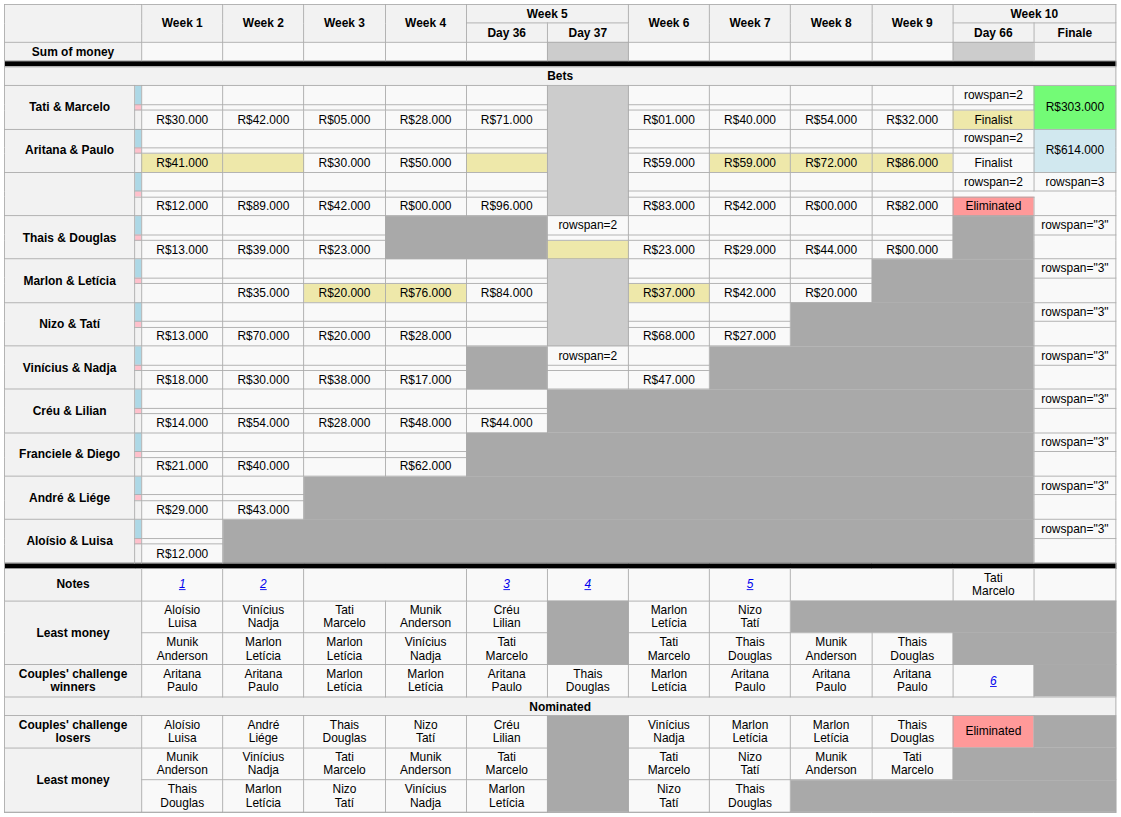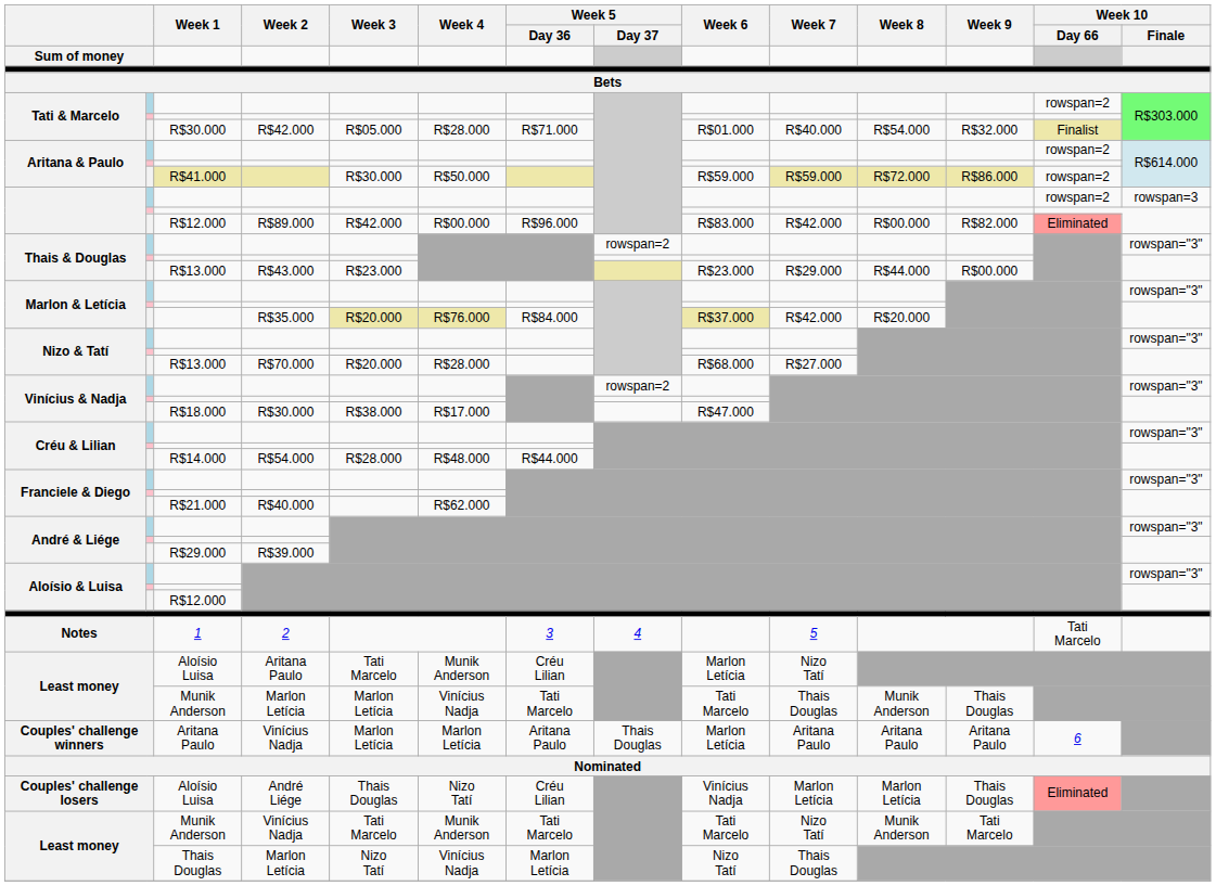 <table class="wikitable" style="text-align:center; font-size:85%; width:100%; line-height:15px;">
 <tr>
 <th rowspan=2 colspan=2 style="width:11.0%"></th>
 <th rowspan=2 style="width:06.5%">Week 1</th>
 <th rowspan=2 style="width:06.5%">Week 2</th>
 <th rowspan=2 style="width:06.5%">Week 3</th>
 <th rowspan=2 style="width:06.5%">Week 4</th>
 <th colspan=2 style="width:13.0%">Week 5</th>
 <th rowspan=2 style="width:06.5%">Week 6</th>
 <th rowspan=2 style="width:06.5%">Week 7</th>
 <th rowspan=2 style="width:06.5%">Week 8</th>
 <th rowspan=2 style="width:06.5%">Week 9</th>
 <th colspan=2 style="width:13.0%">Week 10</th>
 </tr>
 <tr>
 <th style="width:06.5%">Day 36</th>
 <th style="width:06.5%">Day 37</th>
 <th style="width:06.5%">Day 66</th>
 <th style="width:06.5%">Finale</th>
 </tr>
 <tr>
 <th colspan=2>Sum of money</th>
 <td></td>
 <td></td>
 <td></td>
 <td></td>
 <td></td>
 <td bgcolor=CCCCCC></td>
 <td></td>
 <td></td>
 <td></td>
 <td></td>
 <td bgcolor=CCCCCC></td>
 <th></th>
 </tr>
 <tr>
 <td bgcolor=000000 colspan=14></td>
 </tr>
 <tr>
 <th colspan=14>Bets</th>
 </tr>
 <tr>
 <th rowspan=3>Tati & Marcelo</th>
 <td bgcolor=ADD8E6></td>
 <td></td>
 <td></td>
 <td></td>
 <td></td>
 <td></td>
 <td rowspan=9 bgcolor=CCCCCC></td>
 <td></td>
 <td></td>
 <td></td>
 <td></td>
 <td>rowspan=2 </td>
 <td rowspan=3 bgcolor=73FB76>R$303.000</td>
 </tr>
 <tr>
 <td bgcolor=FFC0CB></td>
 <td></td>
 <td></td>
 <td></td>
 <td></td>
 <td></td>
 <td></td>
 <td></td>
 <td></td>
 <td></td>
 </tr>
 <tr>
 <th></th>
 <td>R$30.000</td>
 <td>R$42.000</td>
 <td>R$05.000</td>
 <td>R$28.000</td>
 <td>R$71.000</td>
 <td>R$01.000</td>
 <td>R$40.000</td>
 <td>R$54.000</td>
 <td>R$32.000</td>
 <td bgcolor=EEE8AA>Finalist</td>
 </tr>
 <tr>
 <th rowspan=3>Aritana & Paulo</th>
 <td bgcolor=ADD8E6></td>
 <td></td>
 <td></td>
 <td></td>
 <td></td>
 <td></td>
 <td></td>
 <td></td>
 <td></td>
 <td></td>
 <td>rowspan=2 </td>
 <td rowspan=3 bgcolor=D1E8EF>R$614.000</td>
 </tr>
 <tr>
 <td bgcolor=FFC0CB></td>
 <td></td>
 <td></td>
 <td></td>
 <td></td>
 <td></td>
 <td></td>
 <td></td>
 <td></td>
 <td></td>
 </tr>
 <tr>
 <th></th>
 <td bgcolor=EEE8AA>R$41.000</td>
 <td bgcolor=EEE8AA></td>
 <td>R$30.000</td>
 <td>R$50.000</td>
 <td bgcolor=EEE8AA></td>
 <td>R$59.000</td>
 <td bgcolor=EEE8AA>R$59.000</td>
 <td bgcolor=EEE8AA>R$72.000</td>
 <td bgcolor=EEE8AA>R$86.000</td>
-<td>Finalist</td>
+<td>rowspan=2 </td>
 </tr>
 <tr>
 <th rowspan=3></th>
 <td bgcolor=ADD8E6></td>
 <td></td>
 <td></td>
 <td></td>
 <td></td>
 <td></td>
 <td></td>
 <td></td>
 <td></td>
 <td></td>
 <td>rowspan=2 </td>
 <td>rowspan=3 </td>
 </tr>
 <tr>
 <td bgcolor=FFC0CB></td>
 <td></td>
 <td></td>
 <td></td>
 <td></td>
 <td></td>
 <td></td>
 <td></td>
 <td></td>
 <td></td>
 </tr>
 <tr>
 <th></th>
 <td>R$12.000</td>
 <td>R$89.000</td>
 <td>R$42.000</td>
 <td>R$00.000</td>
 <td>R$96.000</td>
 <td>R$83.000</td>
 <td>R$42.000</td>
 <td>R$00.000</td>
 <td>R$82.000</td>
 <td bgcolor=FF9999>Eliminated</td>
 </tr>
 <tr>
 <th rowspan=3>Thais & Douglas</th>
 <td bgcolor=ADD8E6></td>
 <td></td>
 <td></td>
 <td></td>
 <td rowspan=3 colspan=2 bgcolor=A9A9A9></td>
 <td>rowspan=2 </td>
 <td></td>
 <td></td>
 <td></td>
 <td></td>
 <td rowspan="3" bgcolor="A9A9A9"></td>
 <td>rowspan="3" </td>
 </tr>
 <tr>
 <td bgcolor=FFC0CB></td>
 <td></td>
 <td></td>
 <td></td>
 <td></td>
 <td></td>
 <td></td>
 <td></td>
 </tr>
 <tr>
 <th></th>
 <td>R$13.000</td>
-<td>R$39.000</td>
+<td>R$43.000</td>
 <td>R$23.000</td>
 <td bgcolor=EEE8AA></td>
 <td>R$23.000</td>
 <td>R$29.000</td>
 <td>R$44.000</td>
 <td>R$00.000</td>
 </tr>
 <tr>
 <th rowspan=3>Marlon & Letícia</th>
 <td bgcolor=ADD8E6></td>
 <td></td>
 <td></td>
 <td></td>
 <td></td>
 <td></td>
 <td rowspan=6 bgcolor=CCCCCC></td>
 <td></td>
 <td></td>
 <td></td>
 <td colspan="2" rowspan="3" bgcolor="A9A9A9"></td>
 <td>rowspan="3" </td>
 </tr>
 <tr>
 <td bgcolor=FFC0CB></td>
 <td></td>
 <td></td>
 <td></td>
 <td></td>
 <td></td>
 <td></td>
 <td></td>
 <td></td>
 </tr>
 <tr>
 <th></th>
 <td></td>
 <td>R$35.000</td>
 <td bgcolor=EEE8AA>R$20.000</td>
 <td bgcolor=EEE8AA>R$76.000</td>
 <td>R$84.000</td>
 <td bgcolor=EEE8AA>R$37.000</td>
 <td>R$42.000</td>
 <td>R$20.000</td>
 </tr>
 <tr>
 <th rowspan=3>Nizo & Tatí</th>
 <td bgcolor=ADD8E6></td>
 <td></td>
 <td></td>
 <td></td>
 <td></td>
 <td></td>
 <td></td>
 <td></td>
 <td colspan="3" rowspan="3" bgcolor="A9A9A9"></td>
 <td>rowspan="3" </td>
 </tr>
 <tr>
 <td bgcolor=FFC0CB></td>
 <td></td>
 <td></td>
 <td></td>
 <td></td>
 <td></td>
 <td></td>
 <td></td>
 </tr>
 <tr>
 <th></th>
 <td>R$13.000</td>
 <td>R$70.000</td>
 <td>R$20.000</td>
 <td>R$28.000</td>
 <td></td>
 <td>R$68.000</td>
 <td>R$27.000</td>
 </tr>
 <tr>
 <th rowspan=3>Vinícius & Nadja</th>
 <td bgcolor=ADD8E6></td>
 <td></td>
 <td></td>
 <td></td>
 <td></td>
 <td rowspan=3 bgcolor=A9A9A9></td>
 <td>rowspan=2 </td>
 <td></td>
 <td colspan="4" rowspan="3" bgcolor="A9A9A9"></td>
 <td>rowspan="3" </td>
 </tr>
 <tr>
 <td bgcolor=FFC0CB></td>
 <td></td>
 <td></td>
 <td></td>
 <td></td>
 <td></td>
 </tr>
 <tr>
 <th></th>
 <td>R$18.000</td>
 <td>R$30.000</td>
 <td>R$38.000</td>
 <td>R$17.000</td>
 <td></td>
 <td>R$47.000</td>
 </tr>
 <tr>
 <th rowspan=3>Créu & Lilian</th>
 <td bgcolor=ADD8E6></td>
 <td></td>
 <td></td>
 <td></td>
 <td></td>
 <td></td>
 <td colspan="6" rowspan="3" bgcolor="A9A9A9"></td>
 <td>rowspan="3" </td>
 </tr>
 <tr>
 <td bgcolor=FFC0CB></td>
 <td></td>
 <td></td>
 <td></td>
 <td></td>
 <td></td>
 </tr>
 <tr>
 <th></th>
 <td>R$14.000</td>
 <td>R$54.000</td>
 <td>R$28.000</td>
 <td>R$48.000</td>
 <td>R$44.000</td>
 </tr>
 <tr>
 <th rowspan=3>Franciele & Diego</th>
 <td bgcolor=ADD8E6></td>
 <td></td>
 <td></td>
 <td></td>
 <td></td>
 <td colspan="7" rowspan="3" bgcolor="A9A9A9"></td>
 <td>rowspan="3" </td>
 </tr>
 <tr>
 <td bgcolor=FFC0CB></td>
 <td></td>
 <td></td>
 <td></td>
 <td></td>
 </tr>
 <tr>
 <th></th>
 <td>R$21.000</td>
 <td>R$40.000</td>
 <td></td>
 <td>R$62.000</td>
 </tr>
 <tr>
 <th rowspan=3>André & Liége</th>
 <td bgcolor=ADD8E6></td>
 <td></td>
 <td></td>
 <td colspan="9" rowspan="3" bgcolor="A9A9A9"></td>
 <td>rowspan="3" </td>
 </tr>
 <tr>
 <td bgcolor=FFC0CB></td>
 <td></td>
 <td></td>
 </tr>
 <tr>
 <th></th>
 <td>R$29.000</td>
-<td>R$43.000</td>
+<td>R$39.000</td>
 </tr>
 <tr>
 <th rowspan=3>Aloísio & Luisa</th>
 <td bgcolor=ADD8E6></td>
 <td></td>
 <td colspan="10" rowspan="3" bgcolor="A9A9A9"></td>
 <td>rowspan="3" </td>
 </tr>
 <tr>
 <td bgcolor=FFC0CB></td>
 <td></td>
 </tr>
 <tr>
 <th></th>
 <td>R$12.000</td>
 </tr>
 <tr>
 <td bgcolor=000000 colspan=14></td>
 </tr>
 <tr>
 <th colspan=2>Notes</th>
 <td><em><a href='#'>1</a></em></td>
 <td><em><a href='#'>2</a></em></td>
 <td colspan=2></td>
 <td><em><a href='#'>3</a></em></td>
 <td><em><a href='#'>4</a></em></td>
 <td></td>
 <td><em><a href='#'>5</a></em></td>
 <td colspan=2></td>
 <td>Tati<br>Marcelo</td>
 <td></td>
 </tr>
 <tr>
 <th rowspan=2 colspan=2>Least money<br></th>
 <td>Aloísio<br>Luisa</td>
-<td>Vinícius<br>Nadja</td>
+<td>Aritana<br>Paulo</td>
 <td>Tati<br>Marcelo</td>
 <td>Munik<br>Anderson</td>
 <td>Créu<br>Lilian</td>
 <td rowspan=2 bgcolor=A9A9A9></td>
 <td>Marlon<br>Letícia</td>
 <td>Nizo<br>Tatí</td>
 <td colspan=4 bgcolor=A9A9A9></td>
 </tr>
 <tr>
 <td>Munik<br>Anderson</td>
 <td>Marlon<br>Letícia</td>
 <td>Marlon<br>Letícia</td>
 <td>Vinícius<br>Nadja</td>
 <td>Tati<br>Marcelo</td>
 <td>Tati<br>Marcelo</td>
 <td>Thais<br>Douglas</td>
 <td>Munik<br>Anderson</td>
 <td>Thais<br>Douglas</td>
 <td colspan=2 bgcolor=A9A9A9></td>
 </tr>
 <tr>
 <th colspan=2>Couples' challenge<br>winners</th>
 <td>Aritana<br>Paulo</td>
-<td>Aritana<br>Paulo</td>
+<td>Vinícius<br>Nadja</td>
 <td>Marlon<br>Letícia</td>
 <td>Marlon<br>Letícia</td>
 <td>Aritana<br>Paulo</td>
 <td>Thais<br>Douglas</td>
 <td>Marlon<br>Letícia</td>
 <td>Aritana<br>Paulo</td>
 <td>Aritana<br>Paulo</td>
 <td>Aritana<br>Paulo</td>
 <td><em><a href='#'>6</a></em></td>
 <td bgcolor=A9A9A9></td>
 </tr>
 <tr>
 <th colspan=14>Nominated</th>
 </tr>
 <tr>
 <th colspan=2>Couples' challenge<br>losers</th>
 <td>Aloísio<br>Luisa</td>
 <td>André<br>Liége</td>
 <td>Thais<br>Douglas</td>
 <td>Nizo<br>Tatí</td>
 <td>Créu<br>Lilian</td>
 <td rowspan=3 bgcolor=A9A9A9></td>
 <td>Vinícius<br>Nadja</td>
 <td>Marlon<br>Letícia</td>
 <td>Marlon<br>Letícia</td>
 <td>Thais<br>Douglas</td>
 <td bgcolor=FF9999>Eliminated</td>
 <td bgcolor=A9A9A9></td>
 </tr>
 <tr>
 <th rowspan=2 colspan=2>Least money<br></th>
 <td>Munik<br>Anderson</td>
 <td>Vinícius<br>Nadja</td>
 <td>Tati<br>Marcelo</td>
 <td>Munik<br>Anderson</td>
 <td>Tati<br>Marcelo</td>
 <td>Tati<br>Marcelo</td>
 <td>Nizo<br>Tatí</td>
 <td>Munik<br>Anderson</td>
 <td>Tati<br>Marcelo</td>
 <td colspan=2 bgcolor=A9A9A9></td>
 </tr>
 <tr>
 <td>Thais<br>Douglas</td>
 <td>Marlon<br>Letícia</td>
 <td>Nizo<br>Tatí</td>
 <td>Vinícius<br>Nadja</td>
 <td>Marlon<br>Letícia</td>
 <td>Nizo<br>Tatí</td>
 <td>Thais<br>Douglas</td>
 <td colspan=4 bgcolor=A9A9A9></td>
 </tr>
 <tr>
 </tr>
 </table>
